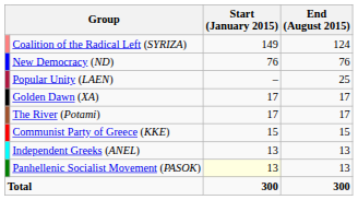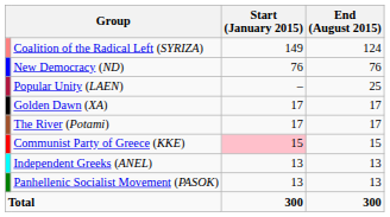 <table class=wikitable sortable>
 <tr>
 <th colspan=2>Group</th>
 <th>Start<br>(January 2015)</th>
 <th>End<br>(August 2015)</th>
 </tr>
 <tr>
 <td style=background-color:#FF8080></td>
 <td><a href='#'>Coalition of the Radical Left</a> (<em>SYRIZA</em>)</td>
 <td align=right>149</td>
 <td align=right>124</td>
 </tr>
 <tr>
 <td style=background-color:blue></td>
 <td><a href='#'>New Democracy</a> (<em>ND</em>)</td>
 <td align=right>76</td>
 <td align=right>76</td>
 </tr>
 <tr>
 <td style=background-color:#B01740></td>
 <td><a href='#'>Popular Unity</a> (<em>LAEN</em>)</td>
 <td align=right>–</td>
 <td align=right>25</td>
 </tr>
 <tr>
 <td style=background-color:black></td>
 <td><a href='#'>Golden Dawn</a> (<em>XA</em>)</td>
 <td align=right>17</td>
 <td align=right>17</td>
 </tr>
 <tr>
 <td style=background-color:#a0522d></td>
 <td><a href='#'>The River</a> (<em>Potami</em>)</td>
 <td align=right>17</td>
 <td align=right>17</td>
 </tr>
 <tr>
 <td style=background-color:red></td>
 <td><a href='#'>Communist Party of Greece</a> (<em>KKE</em>)</td>
-<td align=right>15</td>
+<td align=right style="background: pink;">15</td>
 <td align=right>15</td>
 </tr>
 <tr>
 <td style=background-color:aqua></td>
 <td><a href='#'>Independent Greeks</a> (<em>ANEL</em>)</td>
 <td align=right>13</td>
 <td align=right>13</td>
 </tr>
 <tr>
 <td style=background-color:green></td>
 <td><a href='#'>Panhellenic Socialist Movement</a> (<em>PASOK</em>)</td>
-<td align=right style="background: lightyellow;">13</td>
+<td align=right>13</td>
 <td align=right>13</td>
 </tr>
 <tr>
 <td colspan="2"><strong>Total</strong></td>
 <td align=right><strong>300</strong></td>
 <td align=right><strong>300</strong></td>
 </tr>
 </table>
